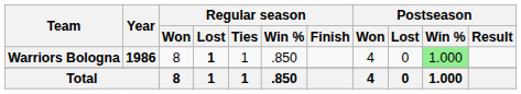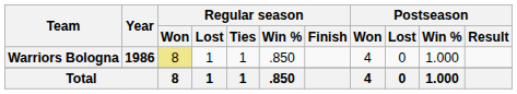 <table class="wikitable" style="font-size: 95%; text-align:center;">
 <tr>
 <th rowspan="2">Team</th>
 <th rowspan="2">Year</th>
 <th colspan="5">Regular season</th>
 <th colspan="4">Postseason</th>
 </tr>
 <tr>
 <th>Won</th>
 <th>Lost</th>
 <th>Ties</th>
 <th>Win %</th>
 <th>Finish</th>
 <th>Won</th>
 <th>Lost</th>
 <th>Win %</th>
 <th>Result</th>
 </tr>
 <tr>
 <th>Warriors Bologna</th>
 <th>1986</th>
-<td>8</td>
-<td><strong>1</strong></td>
+<td style="background: khaki;">8</td>
+<td>1</td>
 <td>1</td>
 <td>.850</td>
 <td></td>
 <td>4</td>
 <td>0</td>
-<td style="background: lightgreen;">1.000</td>
+<td>1.000</td>
 <td></td>
 </tr>
 <tr ! style="background:#fdd;">
 </tr>
 <tr>
 <th colspan="2">Total</th>
 <th>8</th>
 <th>1</th>
 <th>1</th>
 <th>.850</th>
 <th></th>
 <th>4</th>
 <th>0</th>
 <th>1.000</th>
 <th></th>
 </tr>
 </table>
